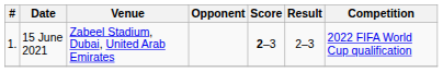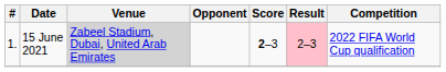 <table class="wikitable">
 <tr>
 <th>#</th>
 <th>Date</th>
 <th>Venue</th>
 <th>Opponent</th>
 <th>Score</th>
 <th>Result</th>
 <th>Competition</th>
 </tr>
 <tr>
 <td>1.</td>
 <td>15 June 2021</td>
-<td><a href='#'>Zabeel Stadium</a>, <a href='#'>Dubai</a>, <a href='#'>United Arab Emirates</a></td>
+<td style="background: lightgrey;"><a href='#'>Zabeel Stadium</a>, <a href='#'>Dubai</a>, <a href='#'>United Arab Emirates</a></td>
 <td></td>
 <td align=center><strong>2</strong>–3</td>
-<td align=center>2–3</td>
+<td align=center style="background: pink;">2–3</td>
 <td><a href='#'>2022 FIFA World Cup qualification</a></td>
 </tr>
 <tr>
 </tr>
 </table>
